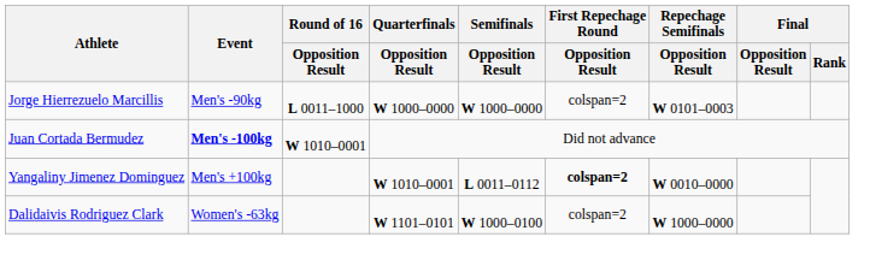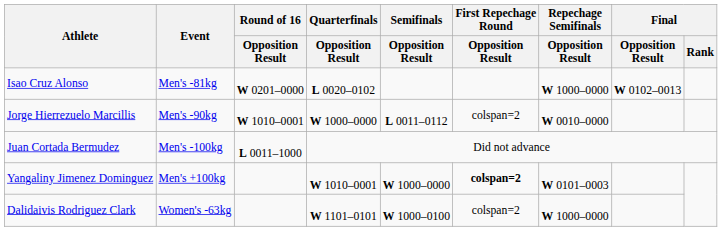 <table class="wikitable">
 <tr>
 <th rowspan="2">Athlete</th>
 <th rowspan="2">Event</th>
 <th>Round of 16</th>
 <th>Quarterfinals</th>
 <th>Semifinals</th>
 <th>First Repechage <br>Round</th>
 <th>Repechage <br>Semifinals</th>
 <th colspan="2">Final</th>
 </tr>
 <tr>
 <th>Opposition<br>Result</th>
 <th>Opposition<br>Result</th>
 <th>Opposition<br>Result</th>
 <th>Opposition<br>Result</th>
 <th>Opposition<br>Result</th>
 <th>Opposition<br>Result</th>
 <th>Rank</th>
 </tr>
 <tr align=center>
+<td align=left><a href='#'>Isao Cruz Alonso</a></td>
+<td align=left><a href='#'>Men's -81kg</a></td>
+<td><br><strong>W</strong> 0201–0000</td>
+<td><br><strong>L</strong> 0020–0102</td>
+<td></td>
+<td></td>
+<td><br><strong>W</strong> 1000–0000</td>
+<td><br><strong>W</strong> 0102–0013</td>
+<td></td>
+</tr>
+<tr align=center>
 <td align=left><a href='#'>Jorge Hierrezuelo Marcillis</a></td>
 <td align=left><a href='#'>Men's -90kg</a></td>
-<td><br><strong>L</strong> 0011–1000</td>
+<td><br><strong>W</strong> 1010–0001</td>
 <td><br><strong>W</strong> 1000–0000</td>
-<td><br><strong>W</strong> 1000–0000</td>
+<td><br><strong>L</strong> 0011–0112</td>
 <td>colspan=2 </td>
-<td><br><strong>W</strong> 0101–0003</td>
+<td><br><strong>W</strong> 0010–0000</td>
 <td></td>
 </tr>
 <tr align=center>
 <td align=left><a href='#'>Juan Cortada Bermudez</a></td>
-<td align=left><strong><a href='#'>Men's -100kg</a></strong></td>
-<td><br><strong>W</strong> 1010–0001</td>
+<td align=left><a href='#'>Men's -100kg</a></td>
+<td><br><strong>L</strong> 0011–1000</td>
 <td colspan=6>Did not advance</td>
 </tr>
 <tr align=center>
 <td align=left><a href='#'>Yangaliny Jimenez Dominguez</a></td>
 <td align=left><a href='#'>Men's +100kg</a></td>
 <td></td>
 <td><br><strong>W</strong> 1010–0001</td>
-<td><br><strong>L</strong> 0011–0112</td>
+<td><br><strong>W</strong> 1000–0000</td>
 <td><strong>colspan=2 </strong></td>
-<td><br><strong>W</strong> 0010–0000</td>
+<td><br><strong>W</strong> 0101–0003</td>
 <td></td>
 </tr>
 <tr align=center>
 <td align=left><a href='#'>Dalidaivis Rodriguez Clark</a></td>
 <td align=left><a href='#'>Women's -63kg</a></td>
 <td></td>
 <td><br><strong>W</strong> 1101–0101</td>
 <td><br><strong>W</strong> 1000–0100</td>
 <td>colspan=2 </td>
 <td><br><strong>W</strong> 1000–0000</td>
 <td></td>
 </tr>
 </table>
